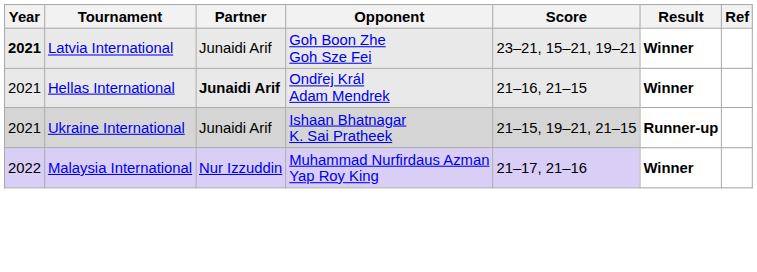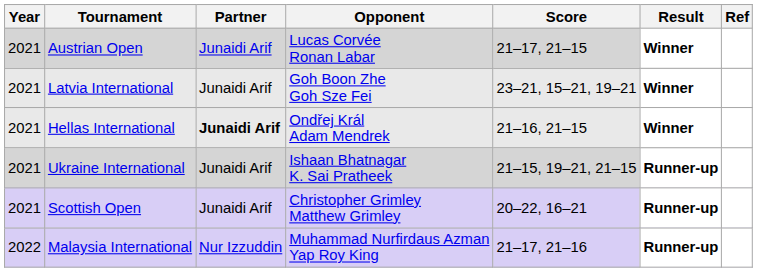 <table class="sortable wikitable" style="font-size: 90%;">
 <tr>
 <th>Year</th>
 <th>Tournament</th>
 <th>Partner</th>
 <th>Opponent</th>
 <th>Score</th>
 <th>Result</th>
 <th>Ref</th>
 </tr>
+<tr style="background:#D5D5D5">
+<td align="center">2021</td>
+<td align="left"><a href='#'>Austrian Open</a></td>
+<td align="left"> <a href='#'>Junaidi Arif</a></td>
+<td align="left"> <a href='#'>Lucas Corvée</a><br> <a href='#'>Ronan Labar</a></td>
+<td align="left">21–17, 21–15</td>
+<td style="text-align:left; background:white"> <strong>Winner</strong></td>
+<td style="text-align:center; background:white"></td>
+</tr>
 <tr style="background:#E9E9E9">
-<td align="center"><strong>2021</strong></td>
+<td align="center">2021</td>
 <td align="left"><a href='#'>Latvia International</a></td>
 <td align="left"> Junaidi Arif</td>
 <td align="left"> <a href='#'>Goh Boon Zhe</a><br> <a href='#'>Goh Sze Fei</a></td>
 <td align="left">23–21, 15–21, 19–21</td>
 <td style="text-align:left; background:white"> <strong>Winner</strong></td>
 <td style="text-align:center; background:white"></td>
 </tr>
 <tr style="background:#E9E9E9">
 <td align="center">2021</td>
 <td align="left"><a href='#'>Hellas International</a></td>
 <td align="left"><strong> Junaidi Arif</strong></td>
 <td align="left"> <a href='#'>Ondřej Král</a><br> <a href='#'>Adam Mendrek</a></td>
 <td align="left">21–16, 21–15</td>
 <td style="text-align:left; background:white"> <strong>Winner</strong></td>
 <td style="text-align:center; background:white"></td>
 </tr>
 <tr style="background:#D5D5D5">
 <td align="center">2021</td>
 <td align="left"><a href='#'>Ukraine International</a></td>
 <td align="left"> Junaidi Arif</td>
 <td align="left"> <a href='#'>Ishaan Bhatnagar</a><br> <a href='#'>K. Sai Pratheek</a></td>
 <td align="left">21–15, 19–21, 21–15</td>
 <td style="text-align:left; background:white"> <strong>Runner-up</strong></td>
 <td style="text-align:center; background:white"></td>
 </tr>
 <tr style="background:#D8CEF6">
+<td align="center">2021</td>
+<td align="left"><a href='#'>Scottish Open</a></td>
+<td align="left"> Junaidi Arif</td>
+<td align="left"> <a href='#'>Christopher Grimley</a><br> <a href='#'>Matthew Grimley</a></td>
+<td align="left">20–22, 16–21</td>
+<td style="text-align:left; background:white"> <strong>Runner-up</strong></td>
+<td style="text-align:center; background:white"></td>
+</tr>
+<tr style="background:#D8CEF6">
 <td align="center">2022</td>
 <td align="left"><a href='#'>Malaysia International</a></td>
 <td align="left"> <a href='#'>Nur Izzuddin</a></td>
 <td align="left"> <a href='#'>Muhammad Nurfirdaus Azman</a><br> <a href='#'>Yap Roy King</a></td>
 <td align="left">21–17, 21–16</td>
-<td style="text-align:left; background:white"> <strong>Winner</strong></td>
+<td style="text-align:left; background:white"> <strong>Runner-up</strong></td>
 <td style="text-align:center; background:white"></td>
 </tr>
 </table>
